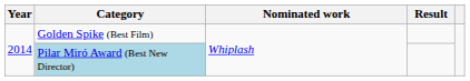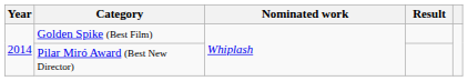 <table class=wikitable>
 <tr>
 <th scope="col" style="width:1em;">Year</th>
 <th scope="col" style="width:33em;">Category</th>
 <th scope="col" style="width:39em;">Nominated work</th>
 <th scope="col" style="width:5em;">Result</th>
 <th scope="col" style="width:1em;"></th>
 </tr>
 <tr>
 <td rowspan="2"><a href='#'>2014</a></td>
 <td><a href='#'>Golden Spike</a> <small>(Best Film)</small></td>
 <td rowspan="2"><em><a href='#'>Whiplash</a></em></td>
 <td></td>
 <td rowspan="2"></td>
 </tr>
 <tr>
-<td style="background: lightblue;"><a href='#'>Pilar Miró Award</a> <small>(Best New Director)</small></td>
+<td><a href='#'>Pilar Miró Award</a> <small>(Best New Director)</small></td>
 <td></td>
 </tr>
 </table>
